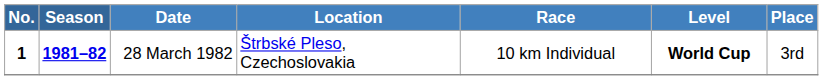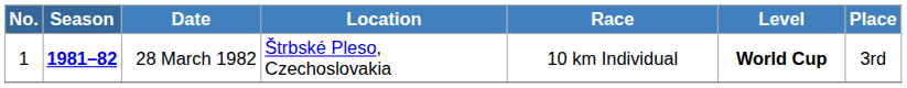 <table class="wikitable sortable" style="font-size:95%; text-align:center; border:grey solid 1px; border-collapse:collapse; background:#ffffff;">
 <tr style="background:#efefef;">
 <th style="background-color:#369; color:white;">No.</th>
 <th style="background-color:#369; color:white;">Season</th>
 <th style="background-color:#4180be; color:white; width:110px;">Date</th>
 <th style="background-color:#4180be; color:white; width:200px;">Location</th>
 <th style="background-color:#4180be; color:white; width:170px;">Race</th>
 <th style="background-color:#4180be; color:white; width:100px;">Level</th>
 <th style="background-color:#4180be; color:white;">Place</th>
 </tr>
 <tr>
-<td align=center><strong>1</strong></td>
+<td align=center>1</td>
 <td rowspan=1 align=center><strong><a href='#'>1981–82</a></strong></td>
 <td align=right>28 March 1982</td>
 <td align=left> <a href='#'>Štrbské Pleso</a>, Czechoslovakia</td>
 <td>10 km Individual</td>
 <td><strong>World Cup</strong></td>
 <td>3rd</td>
 </tr>
 <tr>
 </tr>
 </table>
